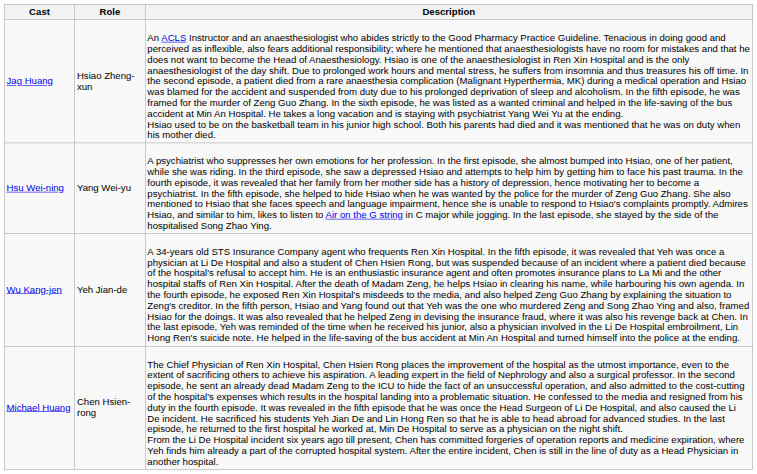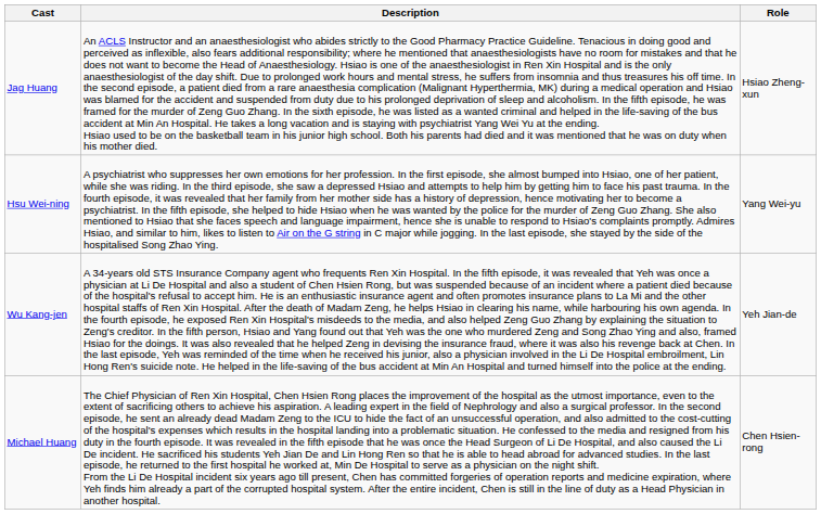 <table class="wikitable">
 <tr>
 <th width="110px">Cast</th>
+<th>Description</th>
 <th width="110px">Role</th>
-<th>Description</th>
 </tr>
 <tr>
 <td><a href='#'>Jag Huang</a></td>
+<td><br>An <a href='#'>ACLS</a> Instructor and an anaesthesiologist who abides strictly to the Good Pharmacy Practice Guideline. Tenacious in doing good and perceived as inflexible, also fears additional responsibility; where he mentioned that anaesthesiologists have no room for mistakes and that he does not want to become the Head of Anaesthesiology. Hsiao is one of the anaesthesiologist in Ren Xin Hospital and is the only anaesthesiologist of the day shift. Due to prolonged work hours and mental stress, he suffers from insomnia and thus treasures his off time. In the second episode, a patient died from a rare anaesthesia complication (Malignant Hyperthermia, MK) during a medical operation and Hsiao was blamed for the accident and suspended from duty due to his prolonged deprivation of sleep and alcoholism. In the fifth episode, he was framed for the murder of Zeng Guo Zhang. In the sixth episode, he was listed as a wanted criminal and helped in the life-saving of the bus accident at Min An Hospital. He takes a long vacation and is staying with psychiatrist Yang Wei Yu at the ending.<br>Hsiao used to be on the basketball team in his junior high school. Both his parents had died and it was mentioned that he was on duty when his mother died.</td>
 <td>Hsiao Zheng-xun</td>
-<td><br>An <a href='#'>ACLS</a> Instructor and an anaesthesiologist who abides strictly to the Good Pharmacy Practice Guideline. Tenacious in doing good and perceived as inflexible, also fears additional responsibility; where he mentioned that anaesthesiologists have no room for mistakes and that he does not want to become the Head of Anaesthesiology. Hsiao is one of the anaesthesiologist in Ren Xin Hospital and is the only anaesthesiologist of the day shift. Due to prolonged work hours and mental stress, he suffers from insomnia and thus treasures his off time. In the second episode, a patient died from a rare anaesthesia complication (Malignant Hyperthermia, MK) during a medical operation and Hsiao was blamed for the accident and suspended from duty due to his prolonged deprivation of sleep and alcoholism. In the fifth episode, he was framed for the murder of Zeng Guo Zhang. In the sixth episode, he was listed as a wanted criminal and helped in the life-saving of the bus accident at Min An Hospital. He takes a long vacation and is staying with psychiatrist Yang Wei Yu at the ending.<br>Hsiao used to be on the basketball team in his junior high school. Both his parents had died and it was mentioned that he was on duty when his mother died.</td>
 </tr>
 <tr>
 <td><a href='#'>Hsu Wei-ning</a></td>
+<td><br>A psychiatrist who suppresses her own emotions for her profession. In the first episode, she almost bumped into Hsiao, one of her patient, while she was riding. In the third episode, she saw a depressed Hsiao and attempts to help him by getting him to face his past trauma. In the fourth episode, it was revealed that her family from her mother side has a history of depression, hence motivating her to become a psychiatrist. In the fifth episode, she helped to hide Hsiao when he was wanted by the police for the murder of Zeng Guo Zhang. She also mentioned to Hsiao that she faces speech and language impairment, hence she is unable to respond to Hsiao's complaints promptly. Admires Hsiao, and similar to him, likes to listen to <a href='#'>Air on the G string</a> in C major while jogging. In the last episode, she stayed by the side of the hospitalised Song Zhao Ying.</td>
 <td>Yang Wei-yu</td>
-<td><br>A psychiatrist who suppresses her own emotions for her profession. In the first episode, she almost bumped into Hsiao, one of her patient, while she was riding. In the third episode, she saw a depressed Hsiao and attempts to help him by getting him to face his past trauma. In the fourth episode, it was revealed that her family from her mother side has a history of depression, hence motivating her to become a psychiatrist. In the fifth episode, she helped to hide Hsiao when he was wanted by the police for the murder of Zeng Guo Zhang. She also mentioned to Hsiao that she faces speech and language impairment, hence she is unable to respond to Hsiao's complaints promptly. Admires Hsiao, and similar to him, likes to listen to <a href='#'>Air on the G string</a> in C major while jogging. In the last episode, she stayed by the side of the hospitalised Song Zhao Ying.</td>
 </tr>
 <tr>
 <td><a href='#'>Wu Kang-jen</a></td>
+<td><br>A 34-years old STS Insurance Company agent who frequents Ren Xin Hospital. In the fifth episode, it was revealed that Yeh was once a physician at Li De Hospital and also a student of Chen Hsien Rong, but was suspended because of an incident where a patient died because of the hospital's refusal to accept him. He is an enthusiastic insurance agent and often promotes insurance plans to La Mi and the other hospital staffs of Ren Xin Hospital. After the death of Madam Zeng, he helps Hsiao in clearing his name, while harbouring his own agenda. In the fourth episode, he exposed Ren Xin Hospital's misdeeds to the media, and also helped Zeng Guo Zhang by explaining the situation to Zeng's creditor. In the fifth person, Hsiao and Yang found out that Yeh was the one who murdered Zeng and Song Zhao Ying and also, framed Hsiao for the doings. It was also revealed that he helped Zeng in devising the insurance fraud, where it was also his revenge back at Chen. In the last episode, Yeh was reminded of the time when he received his junior, also a physician involved in the Li De Hospital embroilment, Lin Hong Ren's suicide note. He helped in the life-saving of the bus accident at Min An Hospital and turned himself into the police at the ending.</td>
 <td>Yeh Jian-de</td>
-<td><br>A 34-years old STS Insurance Company agent who frequents Ren Xin Hospital. In the fifth episode, it was revealed that Yeh was once a physician at Li De Hospital and also a student of Chen Hsien Rong, but was suspended because of an incident where a patient died because of the hospital's refusal to accept him. He is an enthusiastic insurance agent and often promotes insurance plans to La Mi and the other hospital staffs of Ren Xin Hospital. After the death of Madam Zeng, he helps Hsiao in clearing his name, while harbouring his own agenda. In the fourth episode, he exposed Ren Xin Hospital's misdeeds to the media, and also helped Zeng Guo Zhang by explaining the situation to Zeng's creditor. In the fifth person, Hsiao and Yang found out that Yeh was the one who murdered Zeng and Song Zhao Ying and also, framed Hsiao for the doings. It was also revealed that he helped Zeng in devising the insurance fraud, where it was also his revenge back at Chen. In the last episode, Yeh was reminded of the time when he received his junior, also a physician involved in the Li De Hospital embroilment, Lin Hong Ren's suicide note. He helped in the life-saving of the bus accident at Min An Hospital and turned himself into the police at the ending.</td>
 </tr>
 <tr>
 <td><a href='#'>Michael Huang</a></td>
+<td><br>The Chief Physician of Ren Xin Hospital, Chen Hsien Rong places the improvement of the hospital as the utmost importance, even to the extent of sacrificing others to achieve his aspiration. A leading expert in the field of Nephrology and also a surgical professor. In the second episode, he sent an already dead Madam Zeng to the ICU to hide the fact of an unsuccessful operation, and also admitted to the cost-cutting of the hospital's expenses which results in the hospital landing into a problematic situation. He confessed to the media and resigned from his duty in the fourth episode. It was revealed in the fifth episode that he was once the Head Surgeon of Li De Hospital, and also caused the Li De incident. He sacrificed his students Yeh Jian De and Lin Hong Ren so that he is able to head abroad for advanced studies. In the last episode, he returned to the first hospital he worked at, Min De Hospital to serve as a physician on the night shift.<br>From the Li De Hospital incident six years ago till present, Chen has committed forgeries of operation reports and medicine expiration, where Yeh finds him already a part of the corrupted hospital system. After the entire incident, Chen is still in the line of duty as a Head Physician in another hospital.</td>
 <td>Chen Hsien-rong</td>
-<td><br>The Chief Physician of Ren Xin Hospital, Chen Hsien Rong places the improvement of the hospital as the utmost importance, even to the extent of sacrificing others to achieve his aspiration. A leading expert in the field of Nephrology and also a surgical professor. In the second episode, he sent an already dead Madam Zeng to the ICU to hide the fact of an unsuccessful operation, and also admitted to the cost-cutting of the hospital's expenses which results in the hospital landing into a problematic situation. He confessed to the media and resigned from his duty in the fourth episode. It was revealed in the fifth episode that he was once the Head Surgeon of Li De Hospital, and also caused the Li De incident. He sacrificed his students Yeh Jian De and Lin Hong Ren so that he is able to head abroad for advanced studies. In the last episode, he returned to the first hospital he worked at, Min De Hospital to serve as a physician on the night shift.<br>From the Li De Hospital incident six years ago till present, Chen has committed forgeries of operation reports and medicine expiration, where Yeh finds him already a part of the corrupted hospital system. After the entire incident, Chen is still in the line of duty as a Head Physician in another hospital.</td>
 </tr>
 </table>
